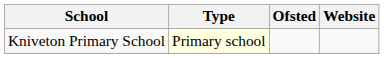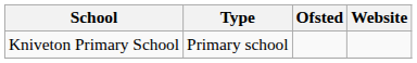 <table class="wikitable sortable">
 <tr>
 <th>School</th>
 <th>Type</th>
 <th class="unsortable">Ofsted</th>
 <th class="unsortable">Website</th>
 </tr>
 <tr>
 <td>Kniveton Primary School</td>
-<td style="background: lightyellow;">Primary school</td>
+<td>Primary school</td>
 <td></td>
 <td></td>
 </tr>
 <tr>
 </tr>
 </table>
